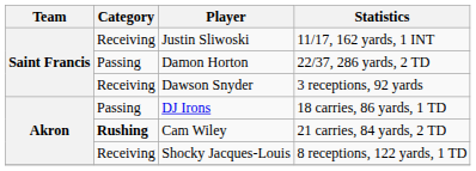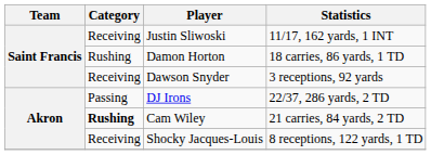 <table class="wikitable" style="float: left;">
 <tr>
 <th>Team</th>
 <th>Category</th>
 <th>Player</th>
 <th>Statistics</th>
 </tr>
 <tr>
 <th rowspan=3>Saint Francis</th>
 <td>Receiving</td>
 <td>Justin Sliwoski</td>
 <td>11/17, 162 yards, 1 INT</td>
 </tr>
 <tr>
-<td>Passing</td>
+<td>Rushing</td>
 <td>Damon Horton</td>
-<td>22/37, 286 yards, 2 TD</td>
+<td>18 carries, 86 yards, 1 TD</td>
 </tr>
 <tr>
 <td>Receiving</td>
 <td>Dawson Snyder</td>
 <td>3 receptions, 92 yards</td>
 </tr>
 <tr>
 <th rowspan=3 style=>Akron</th>
 <td>Passing</td>
 <td><a href='#'>DJ Irons</a></td>
-<td>18 carries, 86 yards, 1 TD</td>
+<td>22/37, 286 yards, 2 TD</td>
 </tr>
 <tr>
 <td><strong>Rushing</strong></td>
 <td>Cam Wiley</td>
 <td>21 carries, 84 yards, 2 TD</td>
 </tr>
 <tr>
 <td>Receiving</td>
 <td>Shocky Jacques-Louis</td>
 <td>8 receptions, 122 yards, 1 TD</td>
 </tr>
 <tr>
 </tr>
 </table>
